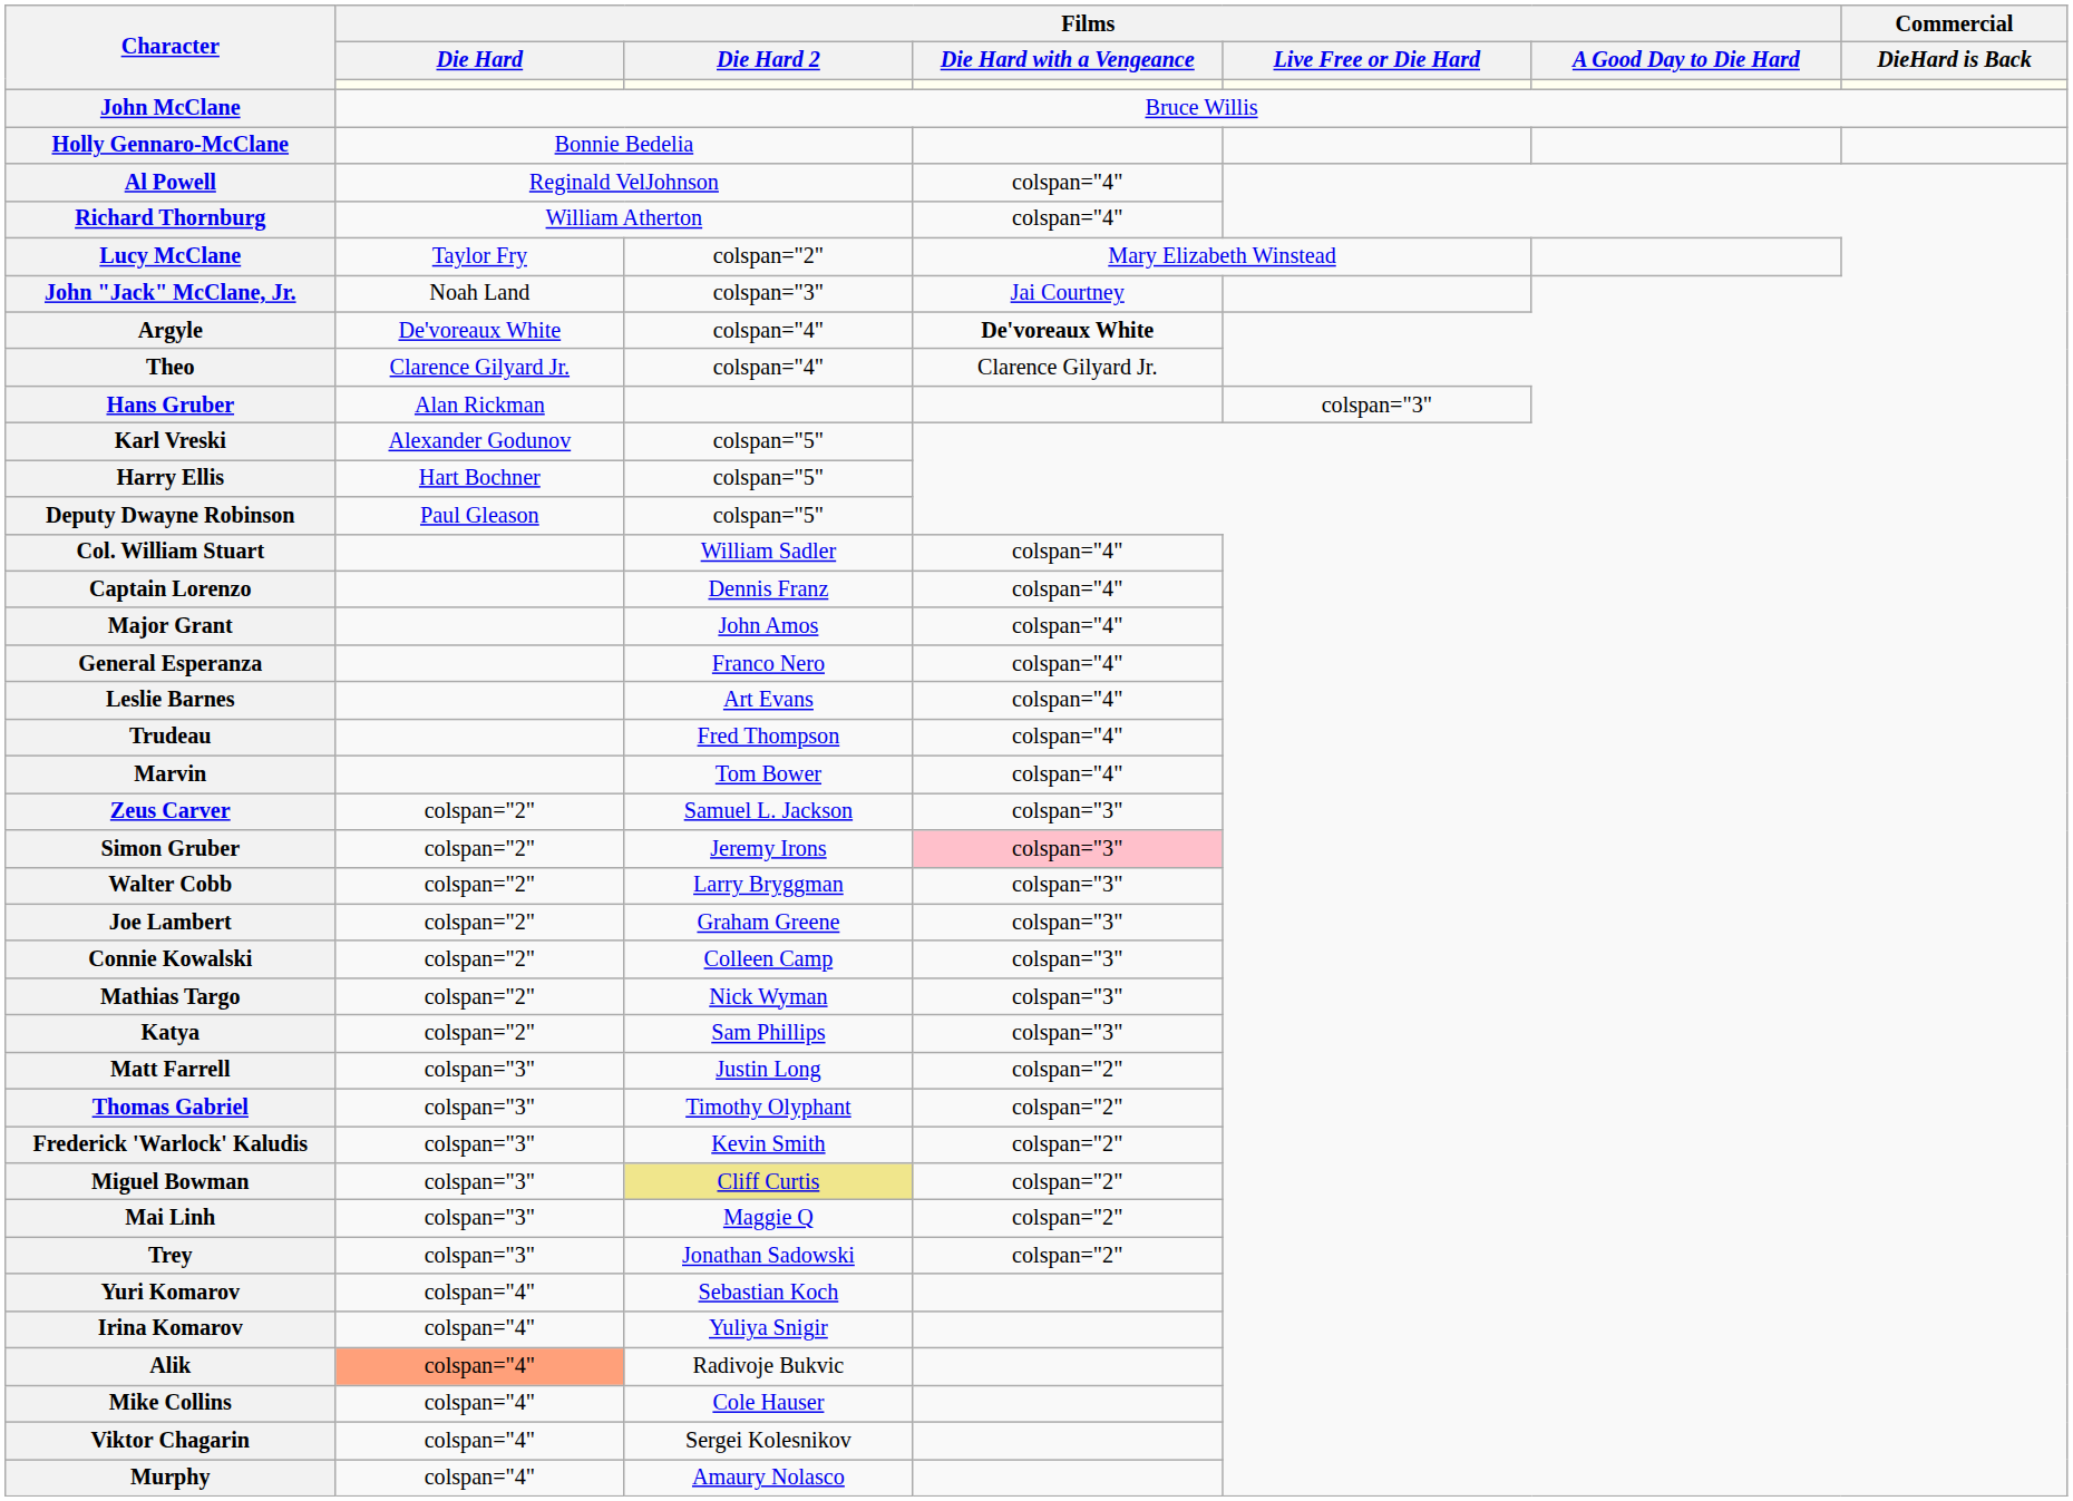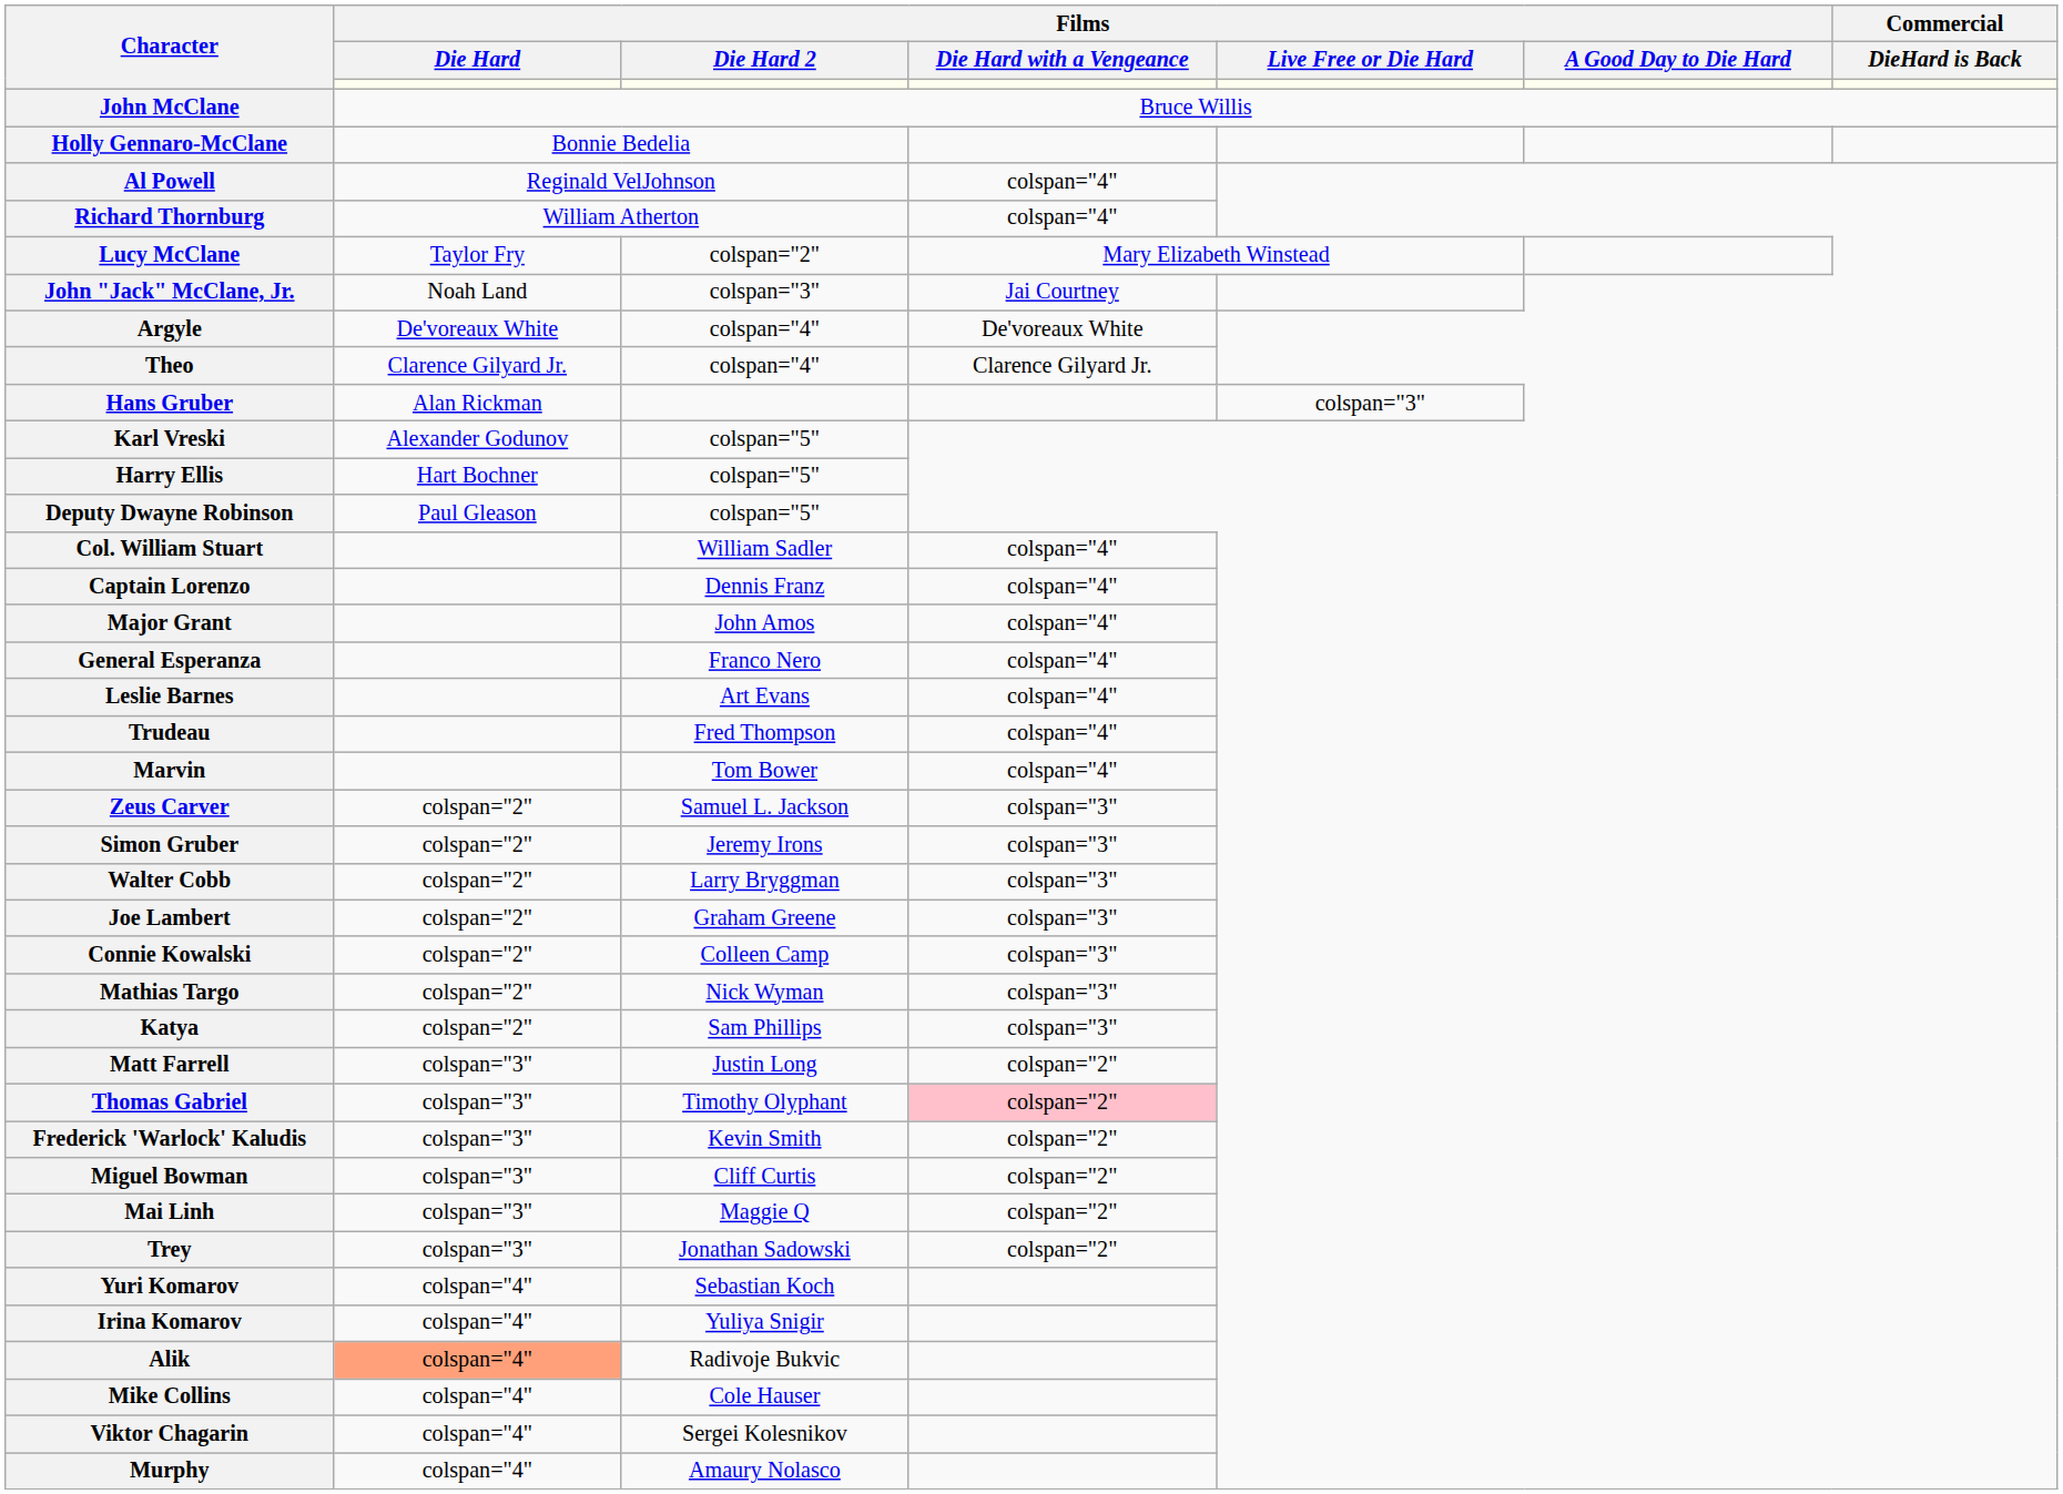 <table class="wikitable" style="text-align:center; width:99%; font-size:85%">
 <tr>
 <th rowspan="3" style="width:16%;"><a href='#'>Character</a></th>
 <th colspan="5" style="text-align:center;">Films</th>
 <th style="text-align:center;">Commercial</th>
 </tr>
 <tr>
 <th style="text-align:center; width:14%;"><em><a href='#'>Die Hard</a></em></th>
 <th style="text-align:center; width:14%;"><em><a href='#'>Die Hard 2</a></em></th>
 <th style="text-align:center; width:15%;"><em><a href='#'>Die Hard with a Vengeance</a></em></th>
 <th style="text-align:center; width:15%;"><em><a href='#'>Live Free or Die Hard</a></em></th>
 <th style="text-align:center; width:15%;"><em><a href='#'>A Good Day to Die Hard</a></em></th>
 <th style="text-align:center; width:14%;"><em>DieHard is Back</em></th>
 </tr>
 <tr>
 <td style="background:ivory;"></td>
 <td style="background:ivory;"></td>
 <td style="background:ivory;"></td>
 <td style="background:ivory;"></td>
 <td style="background:ivory;"></td>
 <td style="background:ivory;"></td>
 </tr>
 <tr>
 <th><a href='#'>John McClane</a></th>
 <td colspan="6"><a href='#'>Bruce Willis</a></td>
 </tr>
 <tr>
 <th><a href='#'>Holly Gennaro-McClane</a></th>
 <td colspan="2"><a href='#'>Bonnie Bedelia</a></td>
 <td></td>
 <td></td>
 <td></td>
 <td></td>
 </tr>
 <tr>
 <th><a href='#'>Al Powell</a></th>
 <td colspan="2"><a href='#'>Reginald VelJohnson</a></td>
 <td>colspan="4" </td>
 </tr>
 <tr>
 <th><a href='#'>Richard Thornburg</a></th>
 <td colspan="2"><a href='#'>William Atherton</a></td>
 <td>colspan="4" </td>
 </tr>
 <tr>
 <th><a href='#'>Lucy McClane</a></th>
 <td><a href='#'>Taylor Fry</a></td>
 <td>colspan="2" </td>
 <td colspan="2"><a href='#'>Mary Elizabeth Winstead</a></td>
 <td></td>
 </tr>
 <tr>
 <th><a href='#'>John "Jack" McClane, Jr.</a></th>
 <td>Noah Land</td>
 <td>colspan="3" </td>
 <td><a href='#'>Jai Courtney</a></td>
 <td></td>
 </tr>
 <tr>
 <th>Argyle</th>
 <td><a href='#'>De'voreaux White</a></td>
 <td>colspan="4" </td>
-<td><strong>De'voreaux White</strong></td>
+<td>De'voreaux White</td>
 </tr>
 <tr>
 <th>Theo</th>
 <td><a href='#'>Clarence Gilyard Jr.</a></td>
 <td>colspan="4" </td>
 <td>Clarence Gilyard Jr.</td>
 </tr>
 <tr>
 <th><a href='#'>Hans Gruber</a></th>
 <td><a href='#'>Alan Rickman</a></td>
 <td></td>
 <td></td>
 <td>colspan="3" </td>
 </tr>
 <tr>
 <th>Karl Vreski</th>
 <td><a href='#'>Alexander Godunov</a></td>
 <td>colspan="5" </td>
 </tr>
 <tr>
 <th>Harry Ellis</th>
 <td><a href='#'>Hart Bochner</a></td>
 <td>colspan="5" </td>
 </tr>
 <tr>
 <th>Deputy Dwayne Robinson</th>
 <td><a href='#'>Paul Gleason</a></td>
 <td>colspan="5" </td>
 </tr>
 <tr>
 <th>Col. William Stuart</th>
 <td></td>
 <td><a href='#'>William Sadler</a></td>
 <td>colspan="4" </td>
 </tr>
 <tr>
 <th>Captain Lorenzo</th>
 <td></td>
 <td><a href='#'>Dennis Franz</a></td>
 <td>colspan="4" </td>
 </tr>
 <tr>
 <th>Major Grant</th>
 <td></td>
 <td><a href='#'>John Amos</a></td>
 <td>colspan="4" </td>
 </tr>
 <tr>
 <th>General Esperanza</th>
 <td></td>
 <td><a href='#'>Franco Nero</a></td>
 <td>colspan="4" </td>
 </tr>
 <tr>
 <th>Leslie Barnes</th>
 <td></td>
 <td><a href='#'>Art Evans</a></td>
 <td>colspan="4" </td>
 </tr>
 <tr>
 <th>Trudeau</th>
 <td></td>
 <td><a href='#'>Fred Thompson</a></td>
 <td>colspan="4" </td>
 </tr>
 <tr>
 <th>Marvin</th>
 <td></td>
 <td><a href='#'>Tom Bower</a></td>
 <td>colspan="4" </td>
 </tr>
 <tr>
 <th><a href='#'>Zeus Carver</a></th>
 <td>colspan="2" </td>
 <td><a href='#'>Samuel L. Jackson</a></td>
 <td>colspan="3" </td>
 </tr>
 <tr>
 <th>Simon Gruber</th>
 <td>colspan="2" </td>
 <td><a href='#'>Jeremy Irons</a></td>
-<td style="background: pink;">colspan="3" </td>
+<td>colspan="3" </td>
 </tr>
 <tr>
 <th>Walter Cobb</th>
 <td>colspan="2" </td>
 <td><a href='#'>Larry Bryggman</a></td>
 <td>colspan="3" </td>
 </tr>
 <tr>
 <th>Joe Lambert</th>
 <td>colspan="2" </td>
 <td><a href='#'>Graham Greene</a></td>
 <td>colspan="3" </td>
 </tr>
 <tr>
 <th>Connie Kowalski</th>
 <td>colspan="2" </td>
 <td><a href='#'>Colleen Camp</a></td>
 <td>colspan="3" </td>
 </tr>
 <tr>
 <th>Mathias Targo</th>
 <td>colspan="2" </td>
 <td><a href='#'>Nick Wyman</a></td>
 <td>colspan="3" </td>
 </tr>
 <tr>
 <th>Katya</th>
 <td>colspan="2" </td>
 <td><a href='#'>Sam Phillips</a></td>
 <td>colspan="3" </td>
 </tr>
 <tr>
 <th>Matt Farrell</th>
 <td>colspan="3" </td>
 <td><a href='#'>Justin Long</a></td>
 <td>colspan="2" </td>
 </tr>
 <tr>
 <th><a href='#'>Thomas Gabriel</a></th>
 <td>colspan="3" </td>
 <td><a href='#'>Timothy Olyphant</a></td>
-<td>colspan="2" </td>
+<td style="background: pink;">colspan="2" </td>
 </tr>
 <tr>
 <th>Frederick 'Warlock' Kaludis</th>
 <td>colspan="3" </td>
 <td><a href='#'>Kevin Smith</a></td>
 <td>colspan="2" </td>
 </tr>
 <tr>
 <th>Miguel Bowman</th>
 <td>colspan="3" </td>
-<td style="background: khaki;"><a href='#'>Cliff Curtis</a></td>
+<td><a href='#'>Cliff Curtis</a></td>
 <td>colspan="2" </td>
 </tr>
 <tr>
 <th>Mai Linh</th>
 <td>colspan="3" </td>
 <td><a href='#'>Maggie Q</a></td>
 <td>colspan="2" </td>
 </tr>
 <tr>
 <th>Trey</th>
 <td>colspan="3" </td>
 <td><a href='#'>Jonathan Sadowski</a></td>
 <td>colspan="2" </td>
 </tr>
 <tr>
 <th>Yuri Komarov</th>
 <td>colspan="4" </td>
 <td><a href='#'>Sebastian Koch</a></td>
 <td></td>
 </tr>
 <tr>
 <th>Irina Komarov</th>
 <td>colspan="4" </td>
 <td><a href='#'>Yuliya Snigir</a></td>
 <td></td>
 </tr>
 <tr>
 <th>Alik</th>
 <td style="background: lightsalmon;">colspan="4" </td>
 <td>Radivoje Bukvic</td>
 <td></td>
 </tr>
 <tr>
 <th>Mike Collins</th>
 <td>colspan="4" </td>
 <td><a href='#'>Cole Hauser</a></td>
 <td></td>
 </tr>
 <tr>
 <th>Viktor Chagarin</th>
 <td>colspan="4" </td>
 <td>Sergei Kolesnikov</td>
 <td></td>
 </tr>
 <tr>
 <th>Murphy</th>
 <td>colspan="4" </td>
 <td><a href='#'>Amaury Nolasco</a></td>
 <td></td>
 </tr>
 </table>
